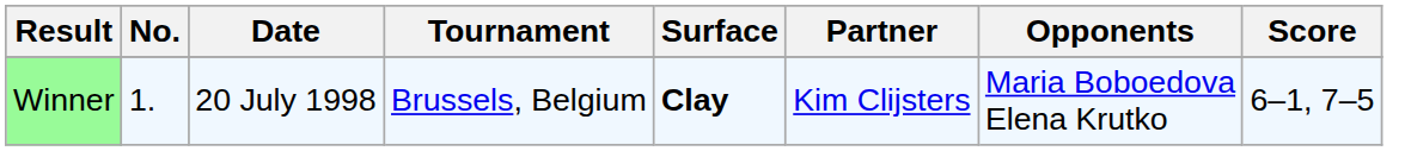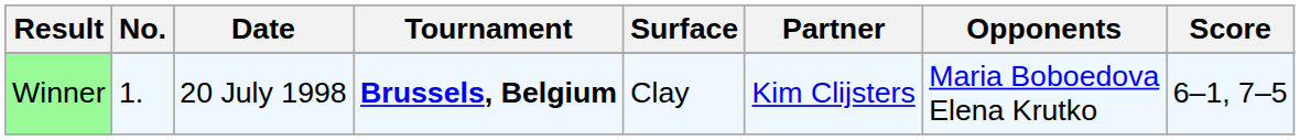 <table class="sortable wikitable" style=font-size:97%>
 <tr>
 <th>Result</th>
 <th>No.</th>
 <th>Date</th>
 <th>Tournament</th>
 <th>Surface</th>
 <th>Partner</th>
 <th>Opponents</th>
 <th>Score</th>
 </tr>
 <tr>
 </tr>
 <tr bgcolor="#f0f8ff">
 <td style="background:#98fb98;">Winner</td>
 <td>1.</td>
 <td>20 July 1998</td>
-<td><a href='#'>Brussels</a>, Belgium</td>
-<td><strong>Clay</strong></td>
+<td><strong><a href='#'>Brussels</a>, Belgium</strong></td>
+<td>Clay</td>
 <td> <a href='#'>Kim Clijsters</a></td>
 <td> <a href='#'>Maria Boboedova</a> <br>  Elena Krutko</td>
 <td>6–1, 7–5</td>
 </tr>
 </table>
